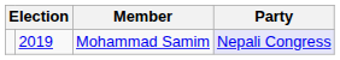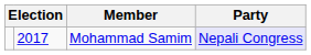 <table class="wikitable">
 <tr>
 <th colspan="2">Election</th>
 <th>Member</th>
 <th>Party</th>
 </tr>
 <tr>
 <td style="background-color:"></td>
-<td><a href='#'>2019</a></td>
+<td><a href='#'>2017</a></td>
 <td><a href='#'>Mohammad Samim</a></td>
 <td style="background: lavender;"><a href='#'>Nepali Congress</a></td>
 </tr>
 </table>
